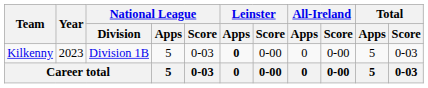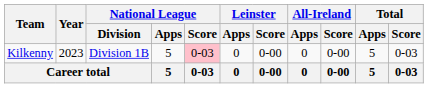 <table class="wikitable" style="text-align:center">
 <tr>
 <th rowspan="2">Team</th>
 <th rowspan="2">Year</th>
 <th colspan="3"><a href='#'>National League</a></th>
 <th colspan="2"><a href='#'>Leinster</a></th>
 <th colspan="2"><a href='#'>All-Ireland</a></th>
 <th colspan="2">Total</th>
 </tr>
 <tr>
 <th>Division</th>
 <th>Apps</th>
 <th>Score</th>
 <th>Apps</th>
 <th>Score</th>
 <th>Apps</th>
 <th>Score</th>
 <th>Apps</th>
 <th>Score</th>
 </tr>
 <tr>
 <td rowspan="1"><a href='#'>Kilkenny</a></td>
 <td>2023</td>
 <td rowspan="1"><a href='#'>Division 1B</a></td>
 <td>5</td>
-<td>0-03</td>
-<td><strong>0</strong></td>
+<td style="background: pink;">0-03</td>
+<td>0</td>
 <td>0-00</td>
 <td>0</td>
 <td>0-00</td>
 <td>5</td>
 <td>0-03</td>
 </tr>
 <tr>
 <th colspan="3">Career total</th>
 <th>5</th>
 <th>0-03</th>
 <th>0</th>
 <th>0-00</th>
 <th>0</th>
 <th>0-00</th>
 <th>5</th>
 <th>0-03</th>
 </tr>
 </table>
